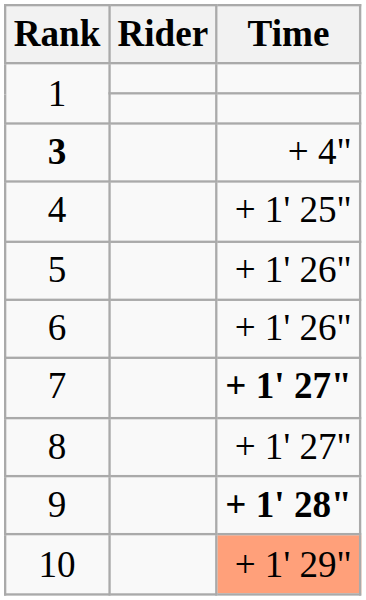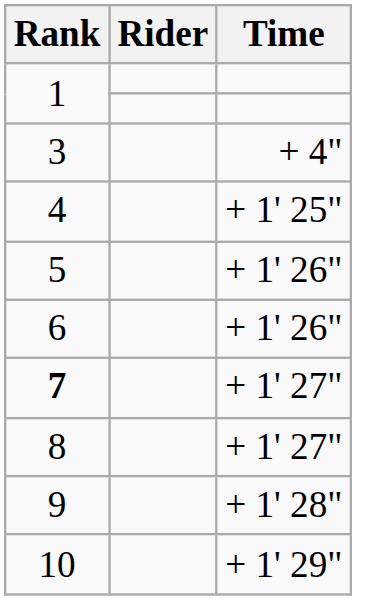 <table class="wikitable">
 <tr>
 <th scope="col">Rank</th>
 <th scope="col">Rider</th>
 <th scope="col">Time</th>
 </tr>
 <tr>
 <td style="text-align:center;" rowspan=2>1</td>
 <td></td>
 <td style="text-align:right;"></td>
 </tr>
 <tr>
 <td></td>
 <td style="text-align:right;"></td>
 </tr>
 <tr>
-<td style="text-align:center;"><strong>3</strong></td>
+<td style="text-align:center;">3</td>
 <td></td>
 <td style="text-align:right;">+ 4"</td>
 </tr>
 <tr>
 <td style="text-align:center;">4</td>
 <td></td>
 <td style="text-align:right;">+ 1' 25"</td>
 </tr>
 <tr>
 <td style="text-align:center;">5</td>
 <td></td>
 <td style="text-align:right;">+ 1' 26"</td>
 </tr>
 <tr>
 <td style="text-align:center;">6</td>
 <td></td>
 <td style="text-align:right;">+ 1' 26"</td>
 </tr>
 <tr>
-<td style="text-align:center;">7</td>
+<td style="text-align:center;"><strong>7</strong></td>
 <td></td>
-<td style="text-align:right;"><strong>+ 1' 27"</strong></td>
+<td style="text-align:right;">+ 1' 27"</td>
 </tr>
 <tr>
 <td style="text-align:center;">8</td>
 <td></td>
 <td style="text-align:right;">+ 1' 27"</td>
 </tr>
 <tr>
 <td style="text-align:center;">9</td>
 <td></td>
-<td style="text-align:right;"><strong>+ 1' 28"</strong></td>
+<td style="text-align:right;">+ 1' 28"</td>
 </tr>
 <tr>
 <td style="text-align:center;">10</td>
 <td></td>
-<td style="background: lightsalmon; text-align:right;">+ 1' 29"</td>
+<td style="text-align:right;">+ 1' 29"</td>
 </tr>
 </table>
